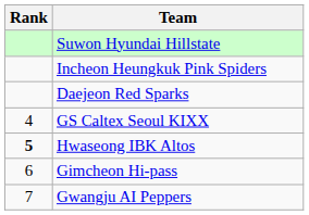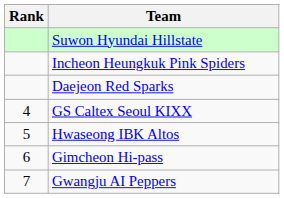 <table class="wikitable" style="text-align: center;">
 <tr>
 <th width=40>Rank</th>
 <th width=240>Team</th>
 </tr>
 <tr bgcolor=#ccffcc>
 <td></td>
 <td align=left><a href='#'>Suwon Hyundai Hillstate</a></td>
 </tr>
 <tr>
 <td></td>
 <td align=left><a href='#'>Incheon Heungkuk Pink Spiders</a></td>
 </tr>
 <tr>
 <td></td>
 <td align=left><a href='#'>Daejeon Red Sparks</a></td>
 </tr>
 <tr>
 <td>4</td>
 <td align=left><a href='#'>GS Caltex Seoul KIXX</a></td>
 </tr>
 <tr>
-<td><strong>5</strong></td>
+<td>5</td>
 <td align=left><a href='#'>Hwaseong IBK Altos</a></td>
 </tr>
 <tr>
 <td>6</td>
 <td align=left><a href='#'>Gimcheon Hi-pass</a></td>
 </tr>
 <tr>
 <td>7</td>
 <td align=left><a href='#'>Gwangju AI Peppers</a></td>
 </tr>
 </table>
